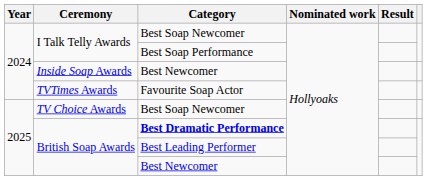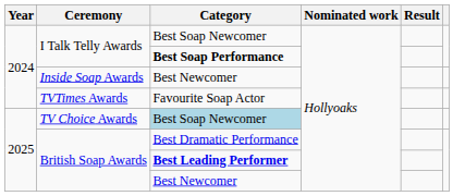 <table class="wikitable">
 <tr>
 <th>Year</th>
 <th>Ceremony</th>
 <th>Category</th>
 <th>Nominated work</th>
 <th>Result</th>
 <th></th>
 </tr>
 <tr>
 <td rowspan="4">2024</td>
 <td rowspan="2">I Talk Telly Awards</td>
 <td>Best Soap Newcomer</td>
 <td rowspan="8"><em>Hollyoaks</em></td>
 <td></td>
 <td rowspan="2" align="center"></td>
 </tr>
 <tr>
-<td>Best Soap Performance</td>
+<td><strong>Best Soap Performance</strong></td>
 <td></td>
 </tr>
 <tr>
 <td><a href='#'><em>Inside Soap</em> Awards</a></td>
 <td>Best Newcomer</td>
 <td></td>
 <td align="center"></td>
 </tr>
 <tr>
 <td><a href='#'><em>TVTimes</em> Awards</a></td>
 <td>Favourite Soap Actor</td>
 <td></td>
 <td align="center"></td>
 </tr>
 <tr>
 <td rowspan="4">2025</td>
 <td><a href='#'><em>TV Choice</em> Awards</a></td>
-<td>Best Soap Newcomer</td>
+<td style="background: lightblue;">Best Soap Newcomer</td>
 <td></td>
 <td align="center"></td>
 </tr>
 <tr>
 <td rowspan="3"><a href='#'>British Soap Awards</a></td>
-<td><strong><a href='#'>Best Dramatic Performance</a></strong></td>
+<td><a href='#'>Best Dramatic Performance</a></td>
 <td></td>
 <td rowspan="3" align="center"><br></td>
 </tr>
 <tr>
-<td><a href='#'>Best Leading Performer</a></td>
+<td><strong><a href='#'>Best Leading Performer</a></strong></td>
 <td></td>
 </tr>
 <tr>
 <td><a href='#'>Best Newcomer</a></td>
 <td></td>
 </tr>
 </table>
